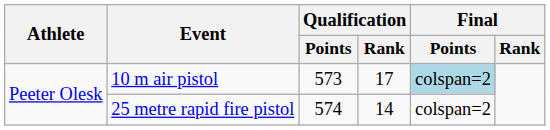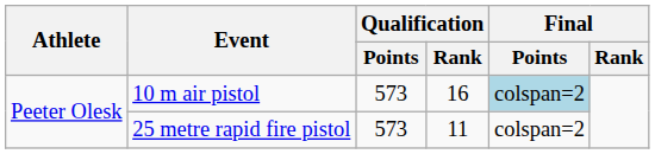 <table class="wikitable" style="font-size:90%">
 <tr>
 <th rowspan="2">Athlete</th>
 <th rowspan="2">Event</th>
 <th colspan=2>Qualification</th>
 <th colspan=2>Final</th>
 </tr>
 <tr style="font-size:95%">
 <th>Points</th>
 <th>Rank</th>
 <th>Points</th>
 <th>Rank</th>
 </tr>
 <tr align=center>
 <td align=left rowspan=2><a href='#'>Peeter Olesk</a></td>
 <td align=left><a href='#'>10 m air pistol</a></td>
 <td>573</td>
-<td>17</td>
+<td>16</td>
 <td style="background: lightblue;">colspan=2 </td>
 </tr>
 <tr align=center>
 <td align=left><a href='#'>25 metre rapid fire pistol</a></td>
-<td>574</td>
-<td>14</td>
+<td>573</td>
+<td>11</td>
 <td>colspan=2 </td>
 </tr>
 </table>
